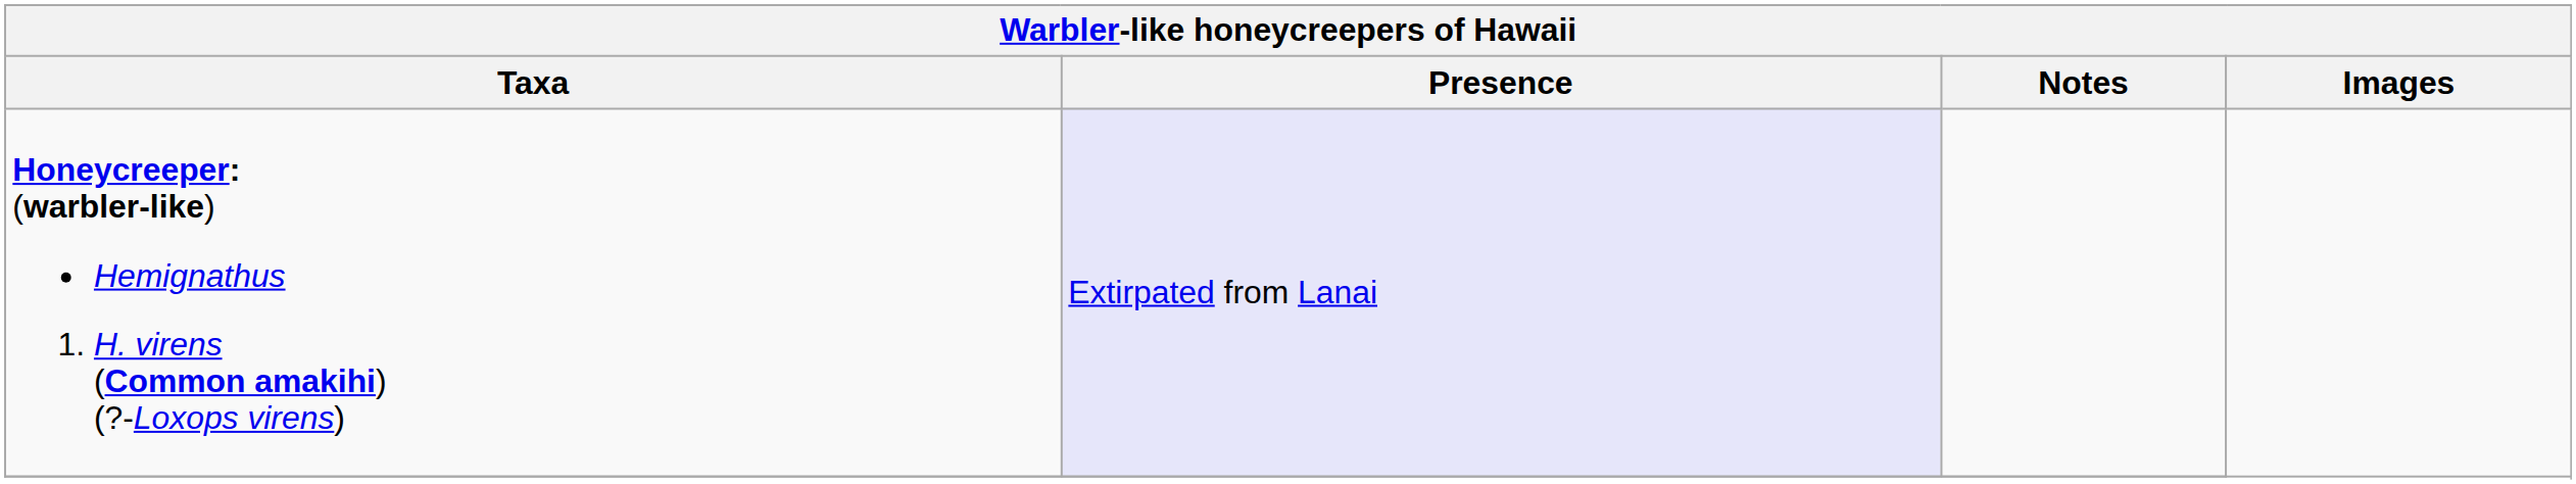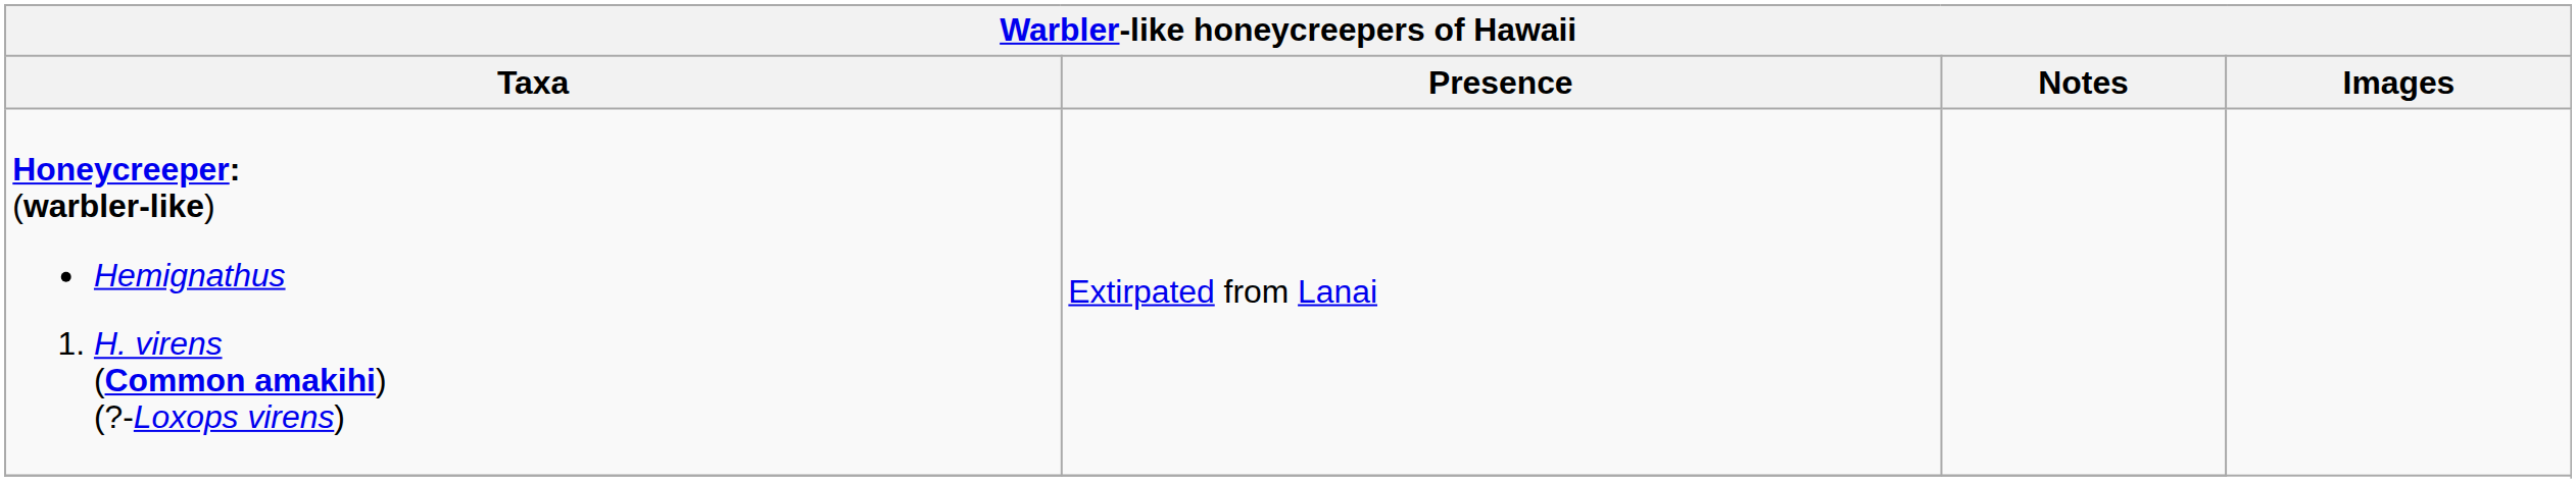 <table class="wikitable" align="center" width="100%">
 <tr>
 <th colspan="5" align="center"><a href='#'>Warbler</a>-like honeycreepers of Hawaii</th>
 </tr>
 <tr>
 <th>Taxa</th>
 <th>Presence</th>
 <th>Notes</th>
 <th>Images</th>
 </tr>
 <tr>
 <td><br><strong><a href='#'>Honeycreeper</a>:</strong><br>(<strong>warbler-like</strong>)<ul><li><em><a href='#'>Hemignathus</a></em></li></ul><ol><li><em><a href='#'>H. virens</a></em><br>(<strong><a href='#'>Common amakihi</a></strong>)<br>(?-<em><a href='#'>Loxops virens</a></em>)</li></ol></td>
-<td style="background: lavender;"><a href='#'>Extirpated</a> from <a href='#'>Lanai</a></td>
+<td><a href='#'>Extirpated</a> from <a href='#'>Lanai</a></td>
 <td></td>
 <td rowspan="99"><br></td>
 </tr>
 <tr>
 </tr>
 </table>
